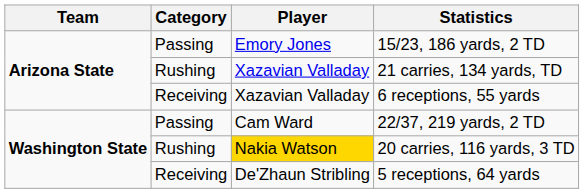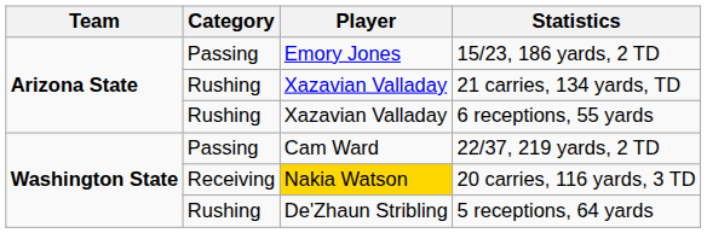 <table class="wikitable" style="float: right;">
 <tr>
 <th>Team</th>
 <th>Category</th>
 <th>Player</th>
 <th>Statistics</th>
 </tr>
 <tr>
 <td rowspan=3><strong>Arizona State</strong></td>
 <td>Passing</td>
 <td><a href='#'>Emory Jones</a></td>
 <td>15/23, 186 yards, 2 TD</td>
 </tr>
 <tr>
 <td>Rushing</td>
 <td><a href='#'>Xazavian Valladay</a></td>
 <td>21 carries, 134 yards, TD</td>
 </tr>
 <tr>
-<td>Receiving</td>
+<td>Rushing</td>
 <td>Xazavian Valladay</td>
 <td>6 receptions, 55 yards</td>
 </tr>
 <tr>
 <td rowspan=3><strong>Washington State</strong></td>
 <td>Passing</td>
 <td>Cam Ward</td>
 <td>22/37, 219 yards, 2 TD</td>
 </tr>
 <tr>
-<td>Rushing</td>
+<td>Receiving</td>
 <td style="background: gold;">Nakia Watson</td>
 <td>20 carries, 116 yards, 3 TD</td>
 </tr>
 <tr>
-<td>Receiving</td>
+<td>Rushing</td>
 <td>De'Zhaun Stribling</td>
 <td>5 receptions, 64 yards</td>
 </tr>
 </table>
